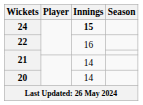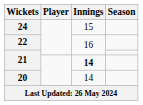 <table class="wikitable sortable" style="text-align:left;font-size:96%;">
 <tr>
 <th>Wickets</th>
 <th>Player</th>
 <th>Innings</th>
 <th>Season</th>
 </tr>
 <tr>
 <th scope=row style=text-align:center;>24</th>
 <td rowspan=3></td>
-<td align=center><strong>15</strong></td>
+<td align=center>15</td>
 <td></td>
 </tr>
 <tr>
 <th scope=row style=text-align:center;>22</th>
 <td align=center rowspan=2>16</td>
 <td></td>
 </tr>
 <tr>
 <th scope=row style=text-align:center; rowspan=2>21</th>
 <td></td>
 </tr>
 <tr>
 <td rowspan=2></td>
-<td align=center>14</td>
+<td align=center><strong>14</strong></td>
 <td></td>
 </tr>
 <tr>
 <th scope=row style=text-align:center;>20</th>
 <td align=center>14</td>
 <td></td>
 </tr>
 <tr class=sortbottom>
 <th colspan=6><small>Last Updated: 26 May 2024</small></th>
 </tr>
 </table>
